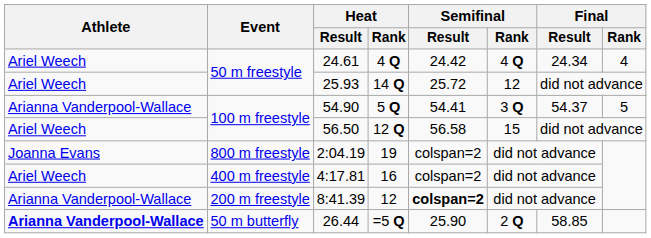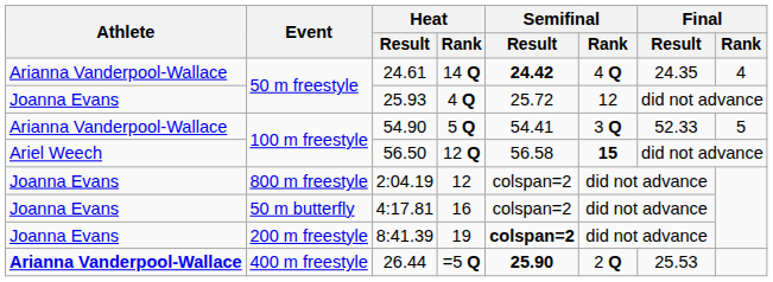 <table class=wikitable style=font-size:90%>
 <tr>
 <th rowspan=2>Athlete</th>
 <th rowspan=2>Event</th>
 <th colspan=2>Heat</th>
 <th colspan=2>Semifinal</th>
 <th colspan=2>Final</th>
 </tr>
 <tr style=font-size:95%>
 <th>Result</th>
 <th>Rank</th>
 <th>Result</th>
 <th>Rank</th>
 <th>Result</th>
 <th>Rank</th>
 </tr>
 <tr align=center>
-<td align=left><a href='#'>Ariel Weech</a></td>
+<td align=left><a href='#'>Arianna Vanderpool-Wallace</a></td>
 <td align=left rowspan=2><a href='#'>50 m freestyle</a></td>
 <td>24.61</td>
+<td>14 <strong>Q</strong></td>
+<td><strong>24.42</strong></td>
 <td>4 <strong>Q</strong></td>
-<td>24.42</td>
-<td>4 <strong>Q</strong></td>
-<td>24.34</td>
+<td>24.35</td>
 <td>4</td>
 </tr>
 <tr align=center>
-<td align=left><a href='#'>Ariel Weech</a></td>
+<td align=left><a href='#'>Joanna Evans</a></td>
 <td>25.93</td>
-<td>14 <strong>Q</strong></td>
+<td>4 <strong>Q</strong></td>
 <td>25.72</td>
 <td>12</td>
 <td colspan=2>did not advance</td>
 </tr>
 <tr align=center>
 <td align=left><a href='#'>Arianna Vanderpool-Wallace</a></td>
 <td align=left rowspan=2><a href='#'>100 m freestyle</a></td>
 <td>54.90</td>
 <td>5 <strong>Q</strong></td>
 <td>54.41</td>
 <td>3 <strong>Q</strong></td>
-<td>54.37</td>
+<td>52.33</td>
 <td>5</td>
 </tr>
 <tr align=center>
 <td align=left><a href='#'>Ariel Weech</a></td>
 <td>56.50</td>
 <td>12 <strong>Q</strong></td>
 <td>56.58</td>
-<td>15</td>
+<td><strong>15</strong></td>
 <td colspan=2>did not advance</td>
 </tr>
 <tr align=center>
 <td align=left><a href='#'>Joanna Evans</a></td>
 <td align=left><a href='#'>800 m freestyle</a></td>
 <td>2:04.19</td>
-<td>19</td>
+<td>12</td>
 <td>colspan=2 </td>
 <td colspan=2>did not advance</td>
 </tr>
 <tr align=center>
-<td align=left><a href='#'>Ariel Weech</a></td>
-<td align=left><a href='#'>400 m freestyle</a></td>
+<td align=left><a href='#'>Joanna Evans</a></td>
+<td align=left><a href='#'>50 m butterfly</a></td>
 <td>4:17.81</td>
 <td>16</td>
 <td>colspan=2 </td>
 <td colspan=2>did not advance</td>
 </tr>
 <tr align=center>
-<td align=left><a href='#'>Arianna Vanderpool-Wallace</a></td>
+<td align=left><a href='#'>Joanna Evans</a></td>
 <td align=left><a href='#'>200 m freestyle</a></td>
 <td>8:41.39</td>
-<td>12</td>
+<td>19</td>
 <td><strong>colspan=2 </strong></td>
 <td colspan=2>did not advance</td>
 </tr>
 <tr align=center>
 <td align=left><strong><a href='#'>Arianna Vanderpool-Wallace</a></strong></td>
-<td align=left><a href='#'>50 m butterfly</a></td>
+<td align=left><a href='#'>400 m freestyle</a></td>
 <td>26.44</td>
 <td>=5 <strong>Q</strong></td>
-<td>25.90</td>
+<td><strong>25.90</strong></td>
 <td>2 <strong>Q</strong></td>
-<td>58.85</td>
+<td>25.53</td>
 <td></td>
 </tr>
 </table>
